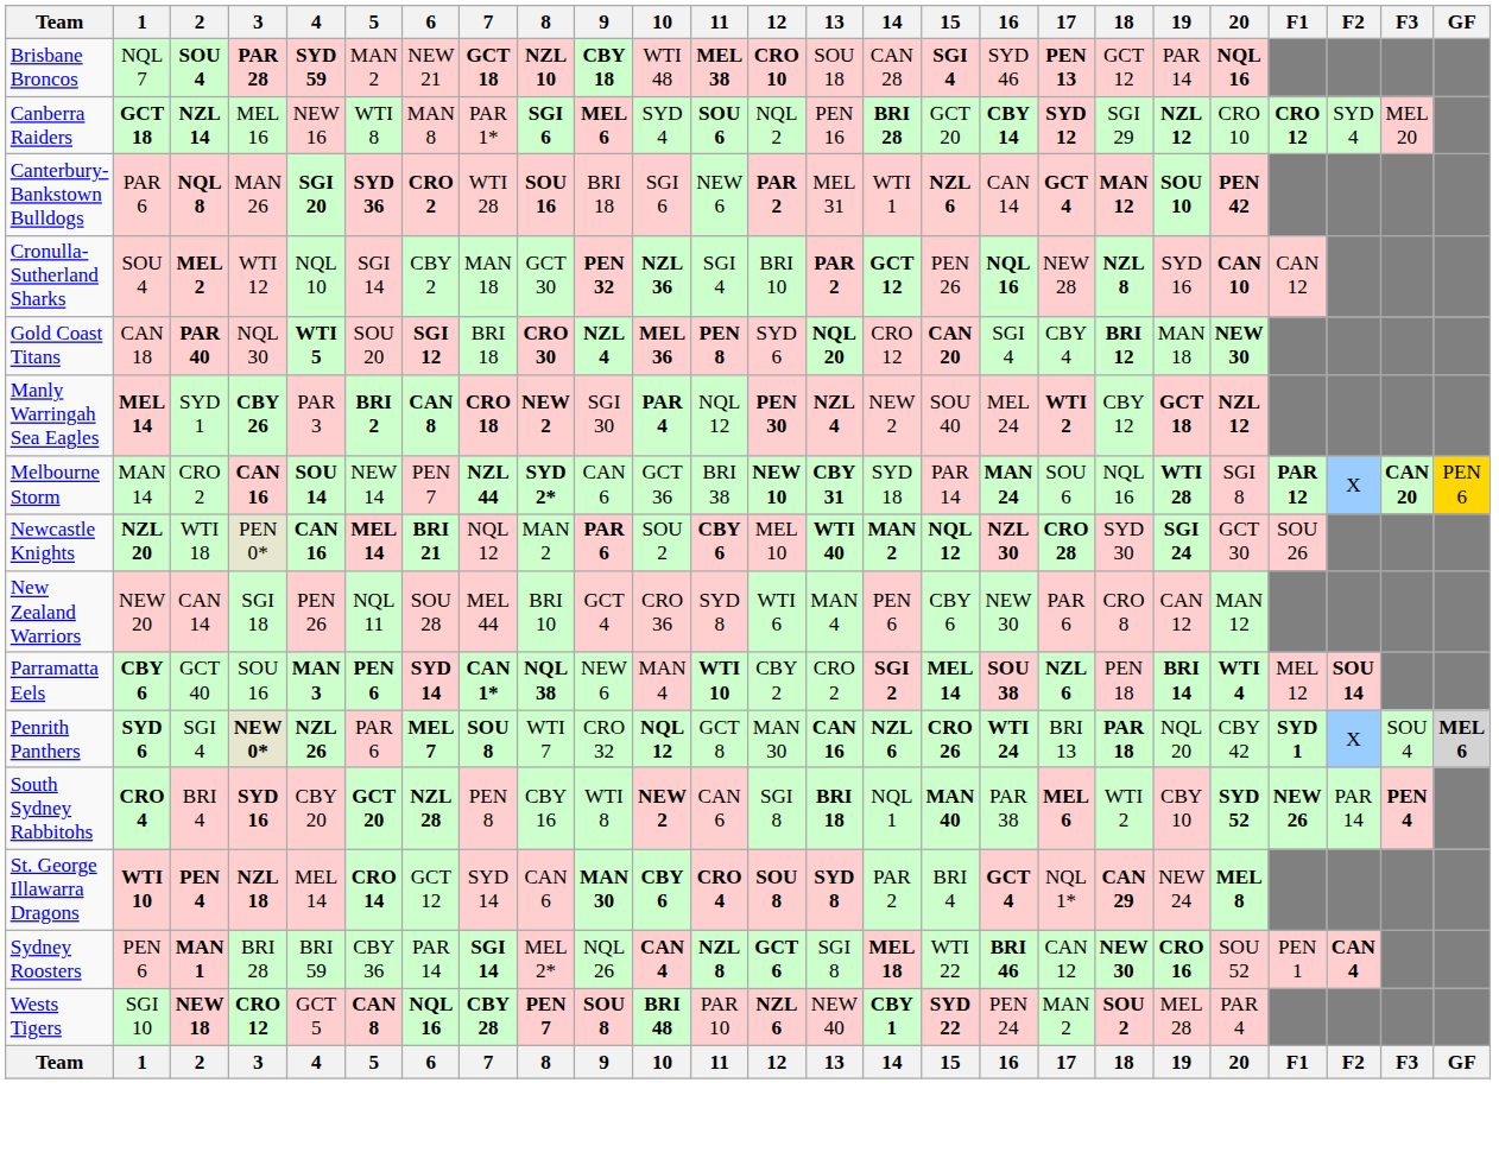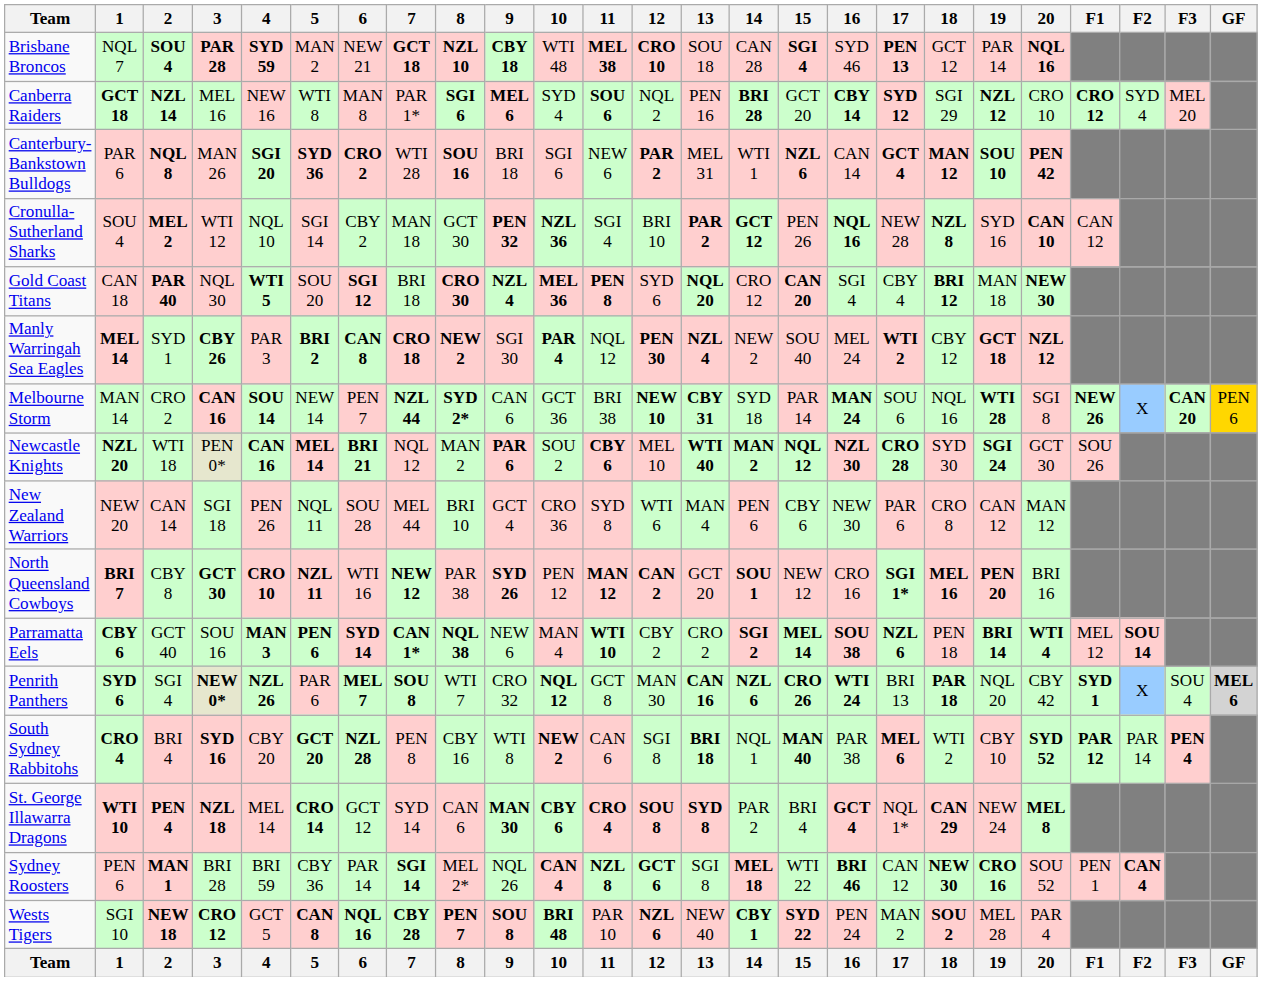 <table class="wikitable sortable" style="font-size:85%; text-align:center; width:90%">
 <tr valign="top">
 <th valign="middle">Team</th>
 <th>1</th>
 <th>2</th>
 <th>3</th>
 <th>4</th>
 <th>5</th>
 <th>6</th>
 <th>7</th>
 <th>8</th>
 <th>9</th>
 <th>10</th>
 <th>11</th>
 <th>12</th>
 <th>13</th>
 <th>14</th>
 <th>15</th>
 <th>16</th>
 <th>17</th>
 <th>18</th>
 <th>19</th>
 <th>20</th>
 <th>F1</th>
 <th>F2</th>
 <th>F3</th>
 <th>GF</th>
 </tr>
 <tr>
 <td align="left"><a href='#'>Brisbane Broncos</a></td>
 <td style="background:#cfc;">NQL<br>7</td>
 <td style="background:#cfc;"><strong>SOU<br>4</strong></td>
 <td style="background:#FFCFCF;"><strong>PAR<br>28</strong></td>
 <td style="background:#FFCFCF;"><strong>SYD<br>59</strong></td>
 <td style="background:#FFCFCF;">MAN<br>2</td>
 <td style="background:#FFCFCF;">NEW<br>21</td>
 <td style="background:#FFCFCF;"><strong>GCT<br>18</strong></td>
 <td style="background:#FFCFCF;"><strong>NZL<br>10</strong></td>
 <td style="background:#cfc;"><strong>CBY<br>18</strong></td>
 <td style="background:#FFCFCF;">WTI<br>48</td>
 <td style="background:#FFCFCF;"><strong>MEL<br>38</strong></td>
 <td style="background:#FFCFCF;"><strong>CRO<br>10</strong></td>
 <td style="background:#FFCFCF;">SOU<br>18</td>
 <td style="background:#FFCFCF;">CAN<br>28</td>
 <td style="background:#FFCFCF;"><strong>SGI<br>4</strong></td>
 <td style="background:#FFCFCF;">SYD<br>46</td>
 <td style="background:#FFCFCF;"><strong>PEN<br>13</strong></td>
 <td style="background:#FFCFCF;">GCT<br>12</td>
 <td style="background:#FFCFCF;">PAR<br>14</td>
 <td style="background:#FFCFCF;"><strong>NQL<br>16</strong></td>
 <td style="background:grey;"></td>
 <td style="background:grey;"></td>
 <td style="background:grey;"></td>
 <td style="background:grey;"></td>
 </tr>
 <tr>
 <td align="left"><a href='#'>Canberra Raiders</a></td>
 <td style="background:#cfc;"><strong>GCT<br>18</strong></td>
 <td style="background:#cfc;"><strong>NZL<br>14</strong></td>
 <td style="background:#cfc;">MEL<br>16</td>
 <td style="background:#FFCFCF;">NEW<br>16</td>
 <td style="background:#cfc;">WTI<br>8</td>
 <td style="background:#FFCFCF;">MAN<br>8</td>
 <td style="background:#FFCFCF;">PAR<br>1*</td>
 <td style="background:#cfc;"><strong>SGI<br>6</strong></td>
 <td style="background:#FFCFCF;"><strong>MEL<br>6</strong></td>
 <td style="background:#cfc;">SYD<br>4</td>
 <td style="background:#cfc;"><strong>SOU<br>6</strong></td>
 <td style="background:#cfc;">NQL<br>2</td>
 <td style="background:#FFCFCF;">PEN<br>16</td>
 <td style="background:#cfc;"><strong>BRI<br>28</strong></td>
 <td style="background:#cfc;">GCT<br>20</td>
 <td style="background:#cfc;"><strong>CBY<br>14</strong></td>
 <td style="background:#FFCFCF;"><strong>SYD<br>12</strong></td>
 <td style="background:#cfc;">SGI<br>29</td>
 <td style="background:#cfc;"><strong>NZL<br>12</strong></td>
 <td style="background:#cfc;">CRO<br>10</td>
 <td style="background:#cfc;"><strong>CRO<br>12</strong></td>
 <td style="background:#cfc;">SYD<br>4</td>
 <td style="background:#FFCFCF;">MEL<br>20</td>
 <td style="background:grey;"></td>
 </tr>
 <tr>
 <td align="left"><a href='#'>Canterbury-Bankstown Bulldogs</a></td>
 <td style="background:#FFCFCF;">PAR<br>6</td>
 <td style="background:#FFCFCF;"><strong>NQL<br>8</strong></td>
 <td style="background:#FFCFCF;">MAN<br>26</td>
 <td style="background:#cfc;"><strong>SGI<br>20</strong></td>
 <td style="background:#FFCFCF;"><strong>SYD<br>36</strong></td>
 <td style="background:#FFCFCF;"><strong>CRO<br>2</strong></td>
 <td style="background:#FFCFCF;">WTI<br>28</td>
 <td style="background:#FFCFCF;"><strong>SOU<br>16</strong></td>
 <td style="background:#FFCFCF;">BRI<br>18</td>
 <td style="background:#FFCFCF;">SGI<br>6</td>
 <td style="background:#cfc;">NEW<br>6</td>
 <td style="background:#FFCFCF;"><strong>PAR<br>2</strong></td>
 <td style="background:#FFCFCF;">MEL<br>31</td>
 <td style="background:#FFCFCF;">WTI<br>1</td>
 <td style="background:#FFCFCF;"><strong>NZL<br>6</strong></td>
 <td style="background:#FFCFCF;">CAN<br>14</td>
 <td style="background:#FFCFCF;"><strong>GCT<br>4</strong></td>
 <td style="background:#FFCFCF;"><strong>MAN<br>12</strong></td>
 <td style="background:#cfc;"><strong>SOU<br>10</strong></td>
 <td style="background:#FFCFCF;"><strong>PEN<br>42</strong></td>
 <td style="background:grey;"></td>
 <td style="background:grey;"></td>
 <td style="background:grey;"></td>
 <td style="background:grey;"></td>
 </tr>
 <tr>
 <td align="left"><a href='#'>Cronulla-Sutherland Sharks</a></td>
 <td style="background:#FFCFCF;">SOU<br>4</td>
 <td style="background:#FFCFCF;"><strong>MEL<br>2</strong></td>
 <td style="background:#FFCFCF;">WTI<br>12</td>
 <td style="background:#cfc;">NQL<br>10</td>
 <td style="background:#FFCFCF;">SGI<br>14</td>
 <td style="background:#cfc;">CBY<br>2</td>
 <td style="background:#cfc;">MAN<br>18</td>
 <td style="background:#cfc;">GCT<br>30</td>
 <td style="background:#FFCFCF;"><strong>PEN<br>32</strong></td>
 <td style="background:#cfc;"><strong>NZL<br>36</strong></td>
 <td style="background:#cfc;">SGI<br>4</td>
 <td style="background:#cfc;">BRI<br>10</td>
 <td style="background:#FFCFCF;"><strong>PAR<br>2</strong></td>
 <td style="background:#cfc;"><strong>GCT<br>12</strong></td>
 <td style="background:#FFCFCF;">PEN<br>26</td>
 <td style="background:#cfc;"><strong>NQL<br>16</strong></td>
 <td style="background:#FFCFCF;">NEW<br>28</td>
 <td style="background:#cfc;"><strong>NZL<br>8</strong></td>
 <td style="background:#FFCFCF;">SYD<br>16</td>
 <td style="background:#FFCFCF;"><strong>CAN<br>10</strong></td>
 <td style="background:#FFCFCF;">CAN<br>12</td>
 <td style="background:grey;"></td>
 <td style="background:grey;"></td>
 <td style="background:grey;"></td>
 </tr>
 <tr>
 <td align="left"><a href='#'>Gold Coast Titans</a></td>
 <td style="background:#FFCFCF;">CAN<br>18</td>
 <td style="background:#FFCFCF;"><strong>PAR<br>40</strong></td>
 <td style="background:#FFCFCF;">NQL<br>30</td>
 <td style="background:#cfc;"><strong>WTI<br>5</strong></td>
 <td style="background:#FFCFCF;">SOU<br>20</td>
 <td style="background:#FFCFCF;"><strong>SGI<br>12</strong></td>
 <td style="background:#cfc;">BRI<br>18</td>
 <td style="background:#FFCFCF;"><strong>CRO<br>30</strong></td>
 <td style="background:#cfc;"><strong>NZL<br>4</strong></td>
 <td style="background:#FFCFCF;"><strong>MEL<br>36</strong></td>
 <td style="background:#FFCFCF;"><strong>PEN<br>8</strong></td>
 <td style="background:#FFCFCF;">SYD<br>6</td>
 <td style="background:#cfc;"><strong>NQL<br>20</strong></td>
 <td style="background:#FFCFCF;">CRO<br>12</td>
 <td style="background:#FFCFCF;"><strong>CAN<br>20</strong></td>
 <td style="background:#cfc;">SGI<br>4</td>
 <td style="background:#cfc;">CBY<br>4</td>
 <td style="background:#cfc;"><strong>BRI<br>12</strong></td>
 <td style="background:#cfc;">MAN<br>18</td>
 <td style="background:#cfc;"><strong>NEW<br>30</strong></td>
 <td style="background:grey;"></td>
 <td style="background:grey;"></td>
 <td style="background:grey;"></td>
 <td style="background:grey;"></td>
 </tr>
 <tr>
 <td align="left"><a href='#'>Manly Warringah Sea Eagles</a></td>
 <td style="background:#FFCFCF;"><strong>MEL<br>14</strong></td>
 <td style="background:#cfc;">SYD<br>1</td>
 <td style="background:#cfc;"><strong>CBY<br>26</strong></td>
 <td style="background:#FFCFCF;">PAR<br>3</td>
 <td style="background:#cfc;"><strong>BRI<br>2</strong></td>
 <td style="background:#cfc;"><strong>CAN<br>8</strong></td>
 <td style="background:#FFCFCF;"><strong>CRO<br>18</strong></td>
 <td style="background:#FFCFCF;"><strong>NEW<br>2</strong></td>
 <td style="background:#FFCFCF;">SGI<br>30</td>
 <td style="background:#cfc;"><strong>PAR<br>4</strong></td>
 <td style="background:#cfc;">NQL<br>12</td>
 <td style="background:#FFCFCF;"><strong>PEN<br>30</strong></td>
 <td style="background:#FFCFCF;"><strong>NZL<br>4</strong></td>
 <td style="background:#FFCFCF;">NEW<br>2</td>
 <td style="background:#FFCFCF;">SOU<br>40</td>
 <td style="background:#FFCFCF;">MEL<br>24</td>
 <td style="background:#FFCFCF;"><strong>WTI<br>2</strong></td>
 <td style="background:#cfc;">CBY<br>12</td>
 <td style="background:#FFCFCF;"><strong>GCT<br>18</strong></td>
 <td style="background:#FFCFCF;"><strong>NZL<br>12</strong></td>
 <td style="background:grey;"></td>
 <td style="background:grey;"></td>
 <td style="background:grey;"></td>
 <td style="background:grey;"></td>
 </tr>
 <tr>
 <td align="left"><a href='#'>Melbourne Storm</a></td>
 <td style="background:#cfc;">MAN<br>14</td>
 <td style="background:#cfc;">CRO<br>2</td>
 <td style="background:#FFCFCF;"><strong>CAN<br>16</strong></td>
 <td style="background:#cfc;"><strong>SOU<br>14</strong></td>
 <td style="background:#cfc;">NEW<br>14</td>
 <td style="background:#FFCFCF;">PEN<br>7</td>
 <td style="background:#cfc;"><strong>NZL<br>44</strong></td>
 <td style="background:#cfc;"><strong>SYD<br>2*</strong></td>
 <td style="background:#cfc;">CAN<br>6</td>
 <td style="background:#cfc;">GCT<br>36</td>
 <td style="background:#cfc;">BRI<br>38</td>
 <td style="background:#cfc;"><strong>NEW<br>10</strong></td>
 <td style="background:#cfc;"><strong>CBY<br>31</strong></td>
 <td style="background:#cfc;">SYD<br>18</td>
 <td style="background:#FFCFCF;">PAR<br>14</td>
 <td style="background:#cfc;"><strong>MAN<br>24</strong></td>
 <td style="background:#cfc;">SOU<br>6</td>
 <td style="background:#cfc;">NQL<br>16</td>
 <td style="background:#cfc;"><strong>WTI<br>28</strong></td>
 <td style="background:#FFCFCF;">SGI<br>8</td>
-<td style="background:#cfc;"><strong>PAR<br>12</strong></td>
+<td style="background:#cfc;"><strong>NEW<br>26</strong></td>
 <td style="background:#9cf;">X</td>
 <td style="background:#cfc;"><strong>CAN<br>20</strong></td>
 <td style="background:gold;">PEN<br>6</td>
 </tr>
 <tr>
 <td align="left"><a href='#'>Newcastle Knights</a></td>
 <td style="background:#cfc;"><strong>NZL<br>20</strong></td>
 <td style="background:#cfc;">WTI<br>18</td>
 <td style="background:#E6E7CE">PEN<br>0*</td>
 <td style="background:#cfc;"><strong>CAN<br>16</strong></td>
 <td style="background:#FFCFCF;"><strong>MEL<br>14</strong></td>
 <td style="background:#cfc;"><strong>BRI<br>21</strong></td>
 <td style="background:#FFCFCF;">NQL<br>12</td>
 <td style="background:#cfc;">MAN<br>2</td>
 <td style="background:#FFCFCF;"><strong>PAR<br>6</strong></td>
 <td style="background:#cfc;">SOU<br>2</td>
 <td style="background:#FFCFCF;"><strong>CBY<br>6</strong></td>
 <td style="background:#FFCFCF;">MEL<br>10</td>
 <td style="background:#cfc;"><strong>WTI<br>40</strong></td>
 <td style="background:#cfc;"><strong>MAN<br>2</strong></td>
 <td style="background:#cfc;"><strong>NQL<br>12</strong></td>
 <td style="background:#FFCFCF;"><strong>NZL<br>30</strong></td>
 <td style="background:#cfc;"><strong>CRO<br>28</strong></td>
 <td style="background:#FFCFCF;">SYD<br>30</td>
 <td style="background:#cfc;"><strong>SGI<br>24</strong></td>
 <td style="background:#FFCFCF;">GCT<br>30</td>
 <td style="background:#FFCFCF;">SOU<br>26</td>
 <td style="background:grey;"></td>
 <td style="background:grey;"></td>
 <td style="background:grey;"></td>
 </tr>
 <tr>
 <td align="left"><a href='#'>New Zealand Warriors</a></td>
 <td style="background:#FFCFCF;">NEW<br>20</td>
 <td style="background:#FFCFCF;">CAN<br>14</td>
 <td style="background:#cfc;">SGI<br>18</td>
 <td style="background:#FFCFCF;">PEN<br>26</td>
 <td style="background:#cfc;">NQL<br>11</td>
 <td style="background:#FFCFCF;">SOU<br>28</td>
 <td style="background:#FFCFCF;">MEL<br>44</td>
 <td style="background:#cfc;">BRI<br>10</td>
 <td style="background:#FFCFCF;">GCT<br>4</td>
 <td style="background:#FFCFCF;">CRO<br>36</td>
 <td style="background:#FFCFCF;">SYD<br>8</td>
 <td style="background:#cfc;">WTI<br>6</td>
 <td style="background:#cfc;">MAN<br>4</td>
 <td style="background:#FFCFCF;">PEN<br>6</td>
 <td style="background:#cfc;">CBY<br>6</td>
 <td style="background:#cfc;">NEW<br>30</td>
 <td style="background:#FFCFCF;">PAR<br>6</td>
 <td style="background:#FFCFCF;">CRO<br>8</td>
 <td style="background:#FFCFCF;">CAN<br>12</td>
 <td style="background:#cfc;">MAN<br>12</td>
+<td style="background:grey;"></td>
+<td style="background:grey;"></td>
+<td style="background:grey;"></td>
+<td style="background:grey;"></td>
+</tr>
+<tr>
+<td align="left"><a href='#'>North Queensland Cowboys</a></td>
+<td style="background:#FFCFCF;"><strong>BRI<br>7</strong></td>
+<td style="background:#cfc;">CBY<br>8</td>
+<td style="background:#cfc;"><strong>GCT<br>30</strong></td>
+<td style="background:#FFCFCF;"><strong>CRO<br>10</strong></td>
+<td style="background:#FFCFCF;"><strong>NZL<br>11</strong></td>
+<td style="background:#FFCFCF;">WTI<br>16</td>
+<td style="background:#cfc;"><strong>NEW<br>12</strong></td>
+<td style="background:#FFCFCF;">PAR<br>38</td>
+<td style="background:#FFCFCF;"><strong>SYD<br>26</strong></td>
+<td style="background:#FFCFCF;">PEN<br>12</td>
+<td style="background:#FFCFCF;"><strong>MAN<br>12</strong></td>
+<td style="background:#FFCFCF;"><strong>CAN<br>2</strong></td>
+<td style="background:#FFCFCF;">GCT<br>20</td>
+<td style="background:#FFCFCF;"><strong>SOU<br>1</strong></td>
+<td style="background:#FFCFCF;">NEW<br>12</td>
+<td style="background:#FFCFCF;">CRO<br>16</td>
+<td style="background:#cfc;"><strong>SGI<br>1*</strong></td>
+<td style="background:#FFCFCF;"><strong>MEL<br>16</strong></td>
+<td style="background:#FFCFCF;"><strong>PEN<br>20</strong></td>
+<td style="background:#cfc;">BRI<br>16</td>
 <td style="background:grey;"></td>
 <td style="background:grey;"></td>
 <td style="background:grey;"></td>
 <td style="background:grey;"></td>
 </tr>
 <tr>
 <td align="left"><a href='#'>Parramatta Eels</a></td>
 <td style="background:#cfc;"><strong>CBY<br>6</strong></td>
 <td style="background:#cfc;">GCT<br>40</td>
 <td style="background:#cfc;">SOU<br>16</td>
 <td style="background:#cfc;"><strong>MAN<br>3</strong></td>
 <td style="background:#cfc;"><strong>PEN<br>6</strong></td>
 <td style="background:#FFCFCF;"><strong>SYD<br>14</strong></td>
 <td style="background:#cfc;"><strong>CAN<br>1*</strong></td>
 <td style="background:#cfc;"><strong>NQL<br>38</strong></td>
 <td style="background:#cfc;">NEW<br>6</td>
 <td style="background:#FFCFCF;">MAN<br>4</td>
 <td style="background:#cfc;"><strong>WTI<br>10</strong></td>
 <td style="background:#cfc;">CBY<br>2</td>
 <td style="background:#cfc;">CRO<br>2</td>
 <td style="background:#FFCFCF;"><strong>SGI<br>2</strong></td>
 <td style="background:#cfc;"><strong>MEL<br>14</strong></td>
 <td style="background:#FFCFCF;"><strong>SOU<br>38</strong></td>
 <td style="background:#cfc;"><strong>NZL<br>6</strong></td>
 <td style="background:#FFCFCF;">PEN<br>18</td>
 <td style="background:#cfc;"><strong>BRI<br>14</strong></td>
 <td style="background:#cfc;"><strong>WTI<br>4</strong></td>
 <td style="background:#FFCFCF;">MEL<br>12</td>
 <td style="background:#FFCFCF;"><strong>SOU<br>14</strong></td>
 <td style="background:grey;"></td>
 <td style="background:grey;"></td>
 </tr>
 <tr>
 <td align="left"><a href='#'>Penrith Panthers</a></td>
 <td style="background:#cfc;"><strong>SYD<br>6</strong></td>
 <td style="background:#cfc;">SGI<br>4</td>
 <td style="background:#E6E7CE"><strong>NEW<br>0*</strong></td>
 <td style="background:#cfc;"><strong>NZL<br>26</strong></td>
 <td style="background:#FFCFCF;">PAR<br>6</td>
 <td style="background:#cfc;"><strong>MEL<br>7</strong></td>
 <td style="background:#cfc;"><strong>SOU<br>8</strong></td>
 <td style="background:#cfc;">WTI<br>7</td>
 <td style="background:#cfc;">CRO<br>32</td>
 <td style="background:#cfc;"><strong>NQL<br>12</strong></td>
 <td style="background:#cfc;">GCT<br>8</td>
 <td style="background:#cfc;">MAN<br>30</td>
 <td style="background:#cfc;"><strong>CAN<br>16</strong></td>
 <td style="background:#cfc;"><strong>NZL<br>6</strong></td>
 <td style="background:#cfc;"><strong>CRO<br>26</strong></td>
 <td style="background:#cfc;"><strong>WTI<br>24</strong></td>
 <td style="background:#cfc;">BRI<br>13</td>
 <td style="background:#cfc;"><strong>PAR<br>18</strong></td>
 <td style="background:#cfc;">NQL<br>20</td>
 <td style="background:#cfc;">CBY<br>42</td>
 <td style="background:#cfc;"><strong>SYD<br>1</strong></td>
 <td style="background:#9cf;">X</td>
 <td style="background:#cfc;">SOU<br>4</td>
 <td style="background:#D3D3D3;"><strong>MEL<br>6</strong></td>
 </tr>
 <tr>
 <td align="left"><a href='#'>South Sydney Rabbitohs</a></td>
 <td style="background:#cfc;"><strong>CRO<br>4</strong></td>
 <td style="background:#FFCFCF;">BRI<br>4</td>
 <td style="background:#FFCFCF;"><strong>SYD<br>16</strong></td>
 <td style="background:#FFCFCF;">CBY<br>20</td>
 <td style="background:#cfc;"><strong>GCT<br>20</strong></td>
 <td style="background:#cfc;"><strong>NZL<br>28</strong></td>
 <td style="background:#FFCFCF;">PEN<br>8</td>
 <td style="background:#cfc;">CBY<br>16</td>
 <td style="background:#cfc;">WTI<br>8</td>
 <td style="background:#FFCFCF;"><strong>NEW<br>2</strong></td>
 <td style="background:#FFCFCF;">CAN<br>6</td>
 <td style="background:#cfc;">SGI<br>8</td>
 <td style="background:#cfc;"><strong>BRI<br>18</strong></td>
 <td style="background:#cfc;">NQL<br>1</td>
 <td style="background:#cfc;"><strong>MAN<br>40</strong></td>
 <td style="background:#cfc;">PAR<br>38</td>
 <td style="background:#FFCFCF;"><strong>MEL<br>6</strong></td>
 <td style="background:#cfc;">WTI<br>2</td>
 <td style="background:#FFCFCF;">CBY<br>10</td>
 <td style="background:#cfc;"><strong>SYD<br>52</strong></td>
-<td style="background:#cfc;"><strong>NEW<br>26</strong></td>
+<td style="background:#cfc;"><strong>PAR<br>12</strong></td>
 <td style="background:#cfc;">PAR<br>14</td>
 <td style="background:#FFCFCF;"><strong>PEN<br>4</strong></td>
 <td style="background:grey;"></td>
 </tr>
 <tr>
 <td align="left"><a href='#'>St. George Illawarra Dragons</a></td>
 <td style="background:#FFCFCF;"><strong>WTI<br>10</strong></td>
 <td style="background:#FFCFCF;"><strong>PEN<br>4</strong></td>
 <td style="background:#FFCFCF;"><strong>NZL<br>18</strong></td>
 <td style="background:#FFCFCF;">MEL<br>14</td>
 <td style="background:#cfc;"><strong>CRO<br>14</strong></td>
 <td style="background:#cfc;">GCT<br>12</td>
 <td style="background:#FFCFCF;">SYD<br>14</td>
 <td style="background:#FFCFCF;">CAN<br>6</td>
 <td style="background:#cfc;"><strong>MAN<br>30</strong></td>
 <td style="background:#cfc;"><strong>CBY<br>6</strong></td>
 <td style="background:#FFCFCF;"><strong>CRO<br>4</strong></td>
 <td style="background:#FFCFCF;"><strong>SOU<br>8</strong></td>
 <td style="background:#FFCFCF;"><strong>SYD<br>8</strong></td>
 <td style="background:#cfc;">PAR<br>2</td>
 <td style="background:#cfc;">BRI<br>4</td>
 <td style="background:#FFCFCF;"><strong>GCT<br>4</strong></td>
 <td style="background:#FFCFCF;">NQL<br>1*</td>
 <td style="background:#FFCFCF;"><strong>CAN<br>29</strong></td>
 <td style="background:#FFCFCF;">NEW<br>24</td>
 <td style="background:#cfc;"><strong>MEL<br>8</strong></td>
 <td style="background:grey;"></td>
 <td style="background:grey;"></td>
 <td style="background:grey;"></td>
 <td style="background:grey;"></td>
 </tr>
 <tr>
 <td align="left"><a href='#'>Sydney Roosters</a></td>
 <td style="background:#FFCFCF;">PEN<br>6</td>
 <td style="background:#FFCFCF;"><strong>MAN<br>1</strong></td>
 <td style="background:#cfc;">BRI<br>28</td>
 <td style="background:#cfc;">BRI<br>59</td>
 <td style="background:#cfc;">CBY<br>36</td>
 <td style="background:#cfc;">PAR<br>14</td>
 <td style="background:#cfc;"><strong>SGI<br>14</strong></td>
 <td style="background:#FFCFCF;">MEL<br>2*</td>
 <td style="background:#cfc;">NQL<br>26</td>
 <td style="background:#FFCFCF;"><strong>CAN<br>4</strong></td>
 <td style="background:#cfc;"><strong>NZL<br>8</strong></td>
 <td style="background:#cfc;"><strong>GCT<br>6</strong></td>
 <td style="background:#cfc;">SGI<br>8</td>
 <td style="background:#FFCFCF;"><strong>MEL<br>18</strong></td>
 <td style="background:#cfc;">WTI<br>22</td>
 <td style="background:#cfc;"><strong>BRI<br>46</strong></td>
 <td style="background:#cfc;">CAN<br>12</td>
 <td style="background:#cfc;"><strong>NEW<br>30</strong></td>
 <td style="background:#cfc;"><strong>CRO<br>16</strong></td>
 <td style="background:#FFCFCF;">SOU<br>52</td>
 <td style="background:#FFCFCF;">PEN<br>1</td>
 <td style="background:#FFCFCF;"><strong>CAN<br>4</strong></td>
 <td style="background:grey;"></td>
 <td style="background:grey;"></td>
 </tr>
 <tr>
 <td align="left"><a href='#'>Wests Tigers</a></td>
 <td style="background:#cfc;">SGI<br>10</td>
 <td style="background:#FFCFCF;"><strong>NEW<br>18</strong></td>
 <td style="background:#cfc;"><strong>CRO<br>12</strong></td>
 <td style="background:#FFCFCF;">GCT<br>5</td>
 <td style="background:#FFCFCF;"><strong>CAN<br>8</strong></td>
 <td style="background:#cfc;"><strong>NQL<br>16</strong></td>
 <td style="background:#cfc;"><strong>CBY<br>28</strong></td>
 <td style="background:#FFCFCF;"><strong>PEN<br>7</strong></td>
 <td style="background:#FFCFCF;"><strong>SOU<br>8</strong></td>
 <td style="background:#cfc;"><strong>BRI<br>48</strong></td>
 <td style="background:#FFCFCF;">PAR<br>10</td>
 <td style="background:#FFCFCF;"><strong>NZL<br>6</strong></td>
 <td style="background:#FFCFCF;">NEW<br>40</td>
 <td style="background:#cfc;"><strong>CBY<br>1</strong></td>
 <td style="background:#FFCFCF;"><strong>SYD<br>22</strong></td>
 <td style="background:#FFCFCF;">PEN<br>24</td>
 <td style="background:#cfc;">MAN<br>2</td>
 <td style="background:#FFCFCF;"><strong>SOU<br>2</strong></td>
 <td style="background:#FFCFCF;">MEL<br>28</td>
 <td style="background:#FFCFCF;">PAR<br>4</td>
 <td style="background:grey;"></td>
 <td style="background:grey;"></td>
 <td style="background:grey;"></td>
 <td style="background:grey;"></td>
 </tr>
 <tr valign="top">
 <th valign="middle">Team</th>
 <th>1</th>
 <th>2</th>
 <th>3</th>
 <th>4</th>
 <th>5</th>
 <th>6</th>
 <th>7</th>
 <th>8</th>
 <th>9</th>
 <th>10</th>
 <th>11</th>
 <th>12</th>
 <th>13</th>
 <th>14</th>
 <th>15</th>
 <th>16</th>
 <th>17</th>
 <th>18</th>
 <th>19</th>
 <th>20</th>
 <th>F1</th>
 <th>F2</th>
 <th>F3</th>
 <th>GF</th>
 </tr>
 </table>
